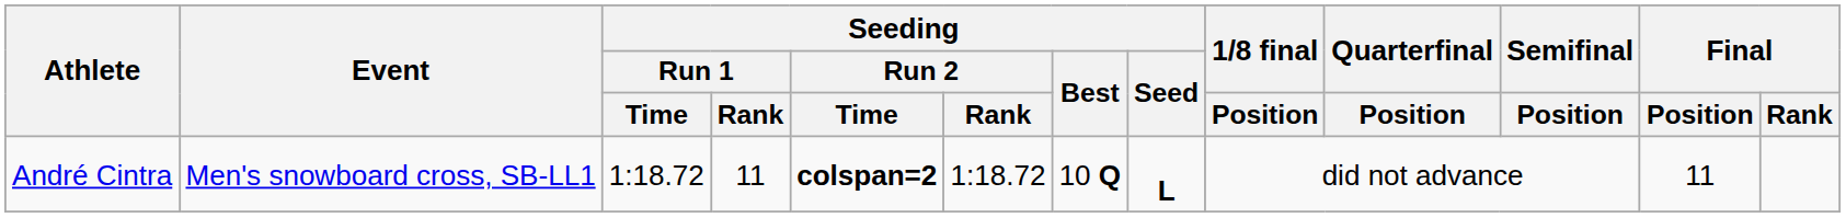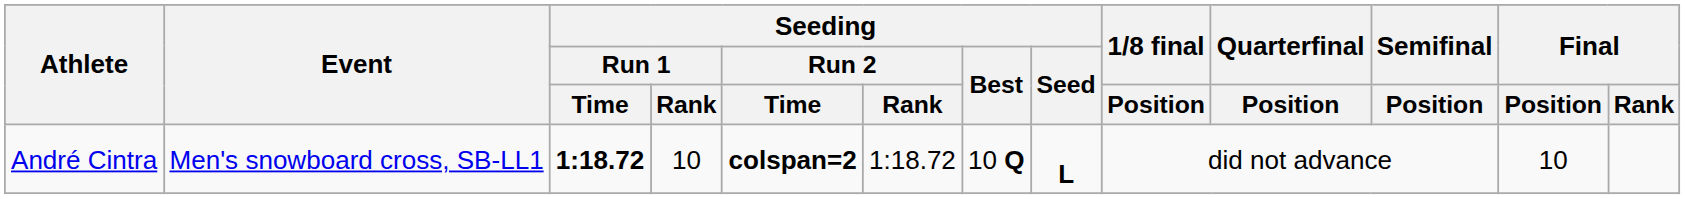 <table class=wikitable style=font-size:90%;text-align:center>
 <tr>
 <th rowspan=3>Athlete</th>
 <th rowspan=3>Event</th>
 <th colspan=6>Seeding</th>
 <th rowspan=2>1/8 final</th>
 <th rowspan=2>Quarterfinal</th>
 <th rowspan=2>Semifinal</th>
 <th colspan=2 rowspan=2>Final</th>
 </tr>
 <tr style=font-size:95%>
 <th colspan=2>Run 1</th>
 <th colspan=2>Run 2</th>
 <th rowspan=2>Best</th>
 <th rowspan=2>Seed</th>
 </tr>
 <tr style=font-size:95%>
 <th>Time</th>
 <th>Rank</th>
 <th>Time</th>
 <th>Rank</th>
 <th>Position</th>
 <th>Position</th>
 <th>Position</th>
 <th>Position</th>
 <th>Rank</th>
 </tr>
 <tr>
 <td align=left><a href='#'>André Cintra</a></td>
 <td align=left><a href='#'>Men's snowboard cross, SB-LL1</a></td>
-<td>1:18.72</td>
-<td>11</td>
+<td><strong>1:18.72</strong></td>
+<td>10</td>
 <td><strong>colspan=2 </strong></td>
 <td>1:18.72</td>
 <td>10 <strong>Q</strong></td>
 <td><br><strong>L</strong></td>
 <td colspan=3>did not advance</td>
-<td>11</td>
+<td>10</td>
 </tr>
 </table>
